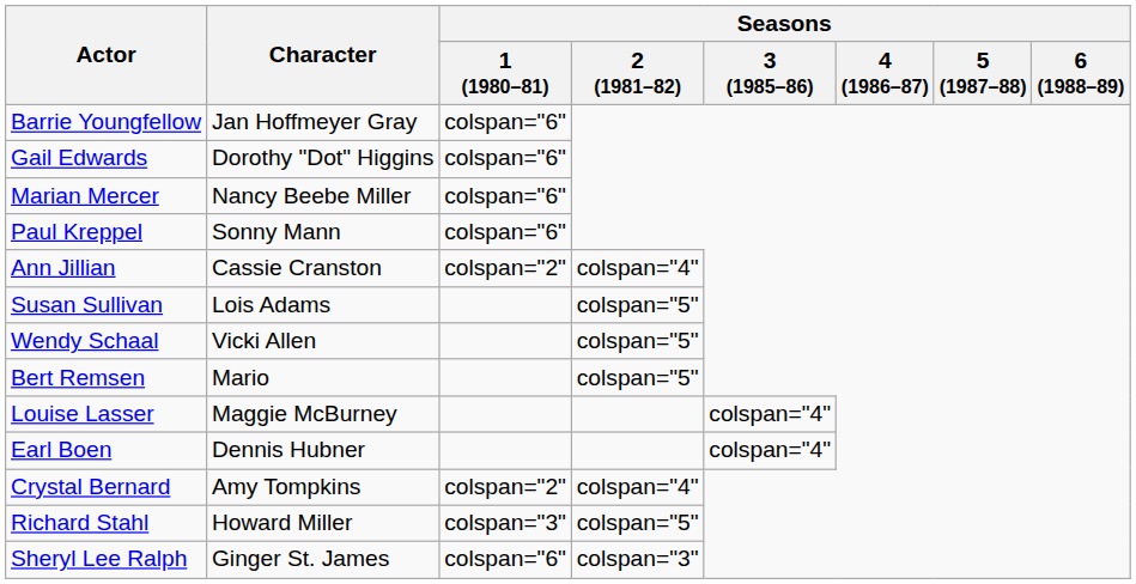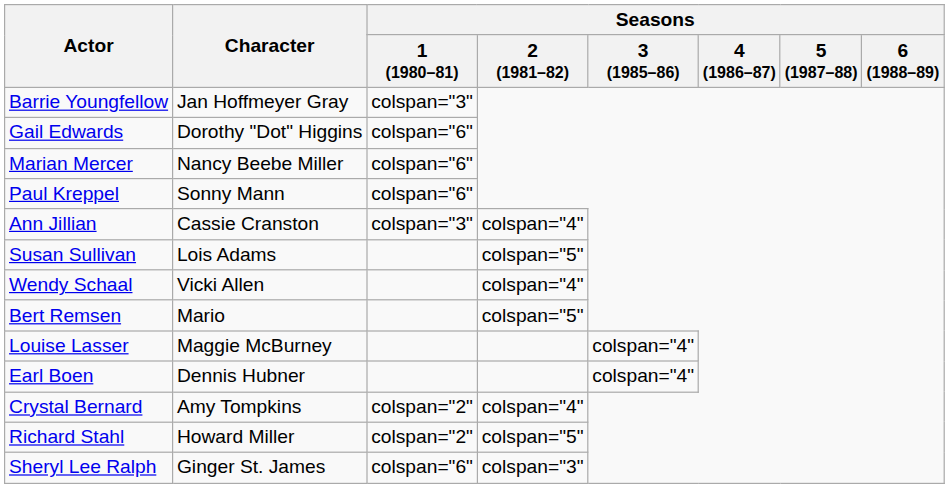 <table class="wikitable">
 <tr>
 <th rowspan="2">Actor</th>
 <th rowspan="2">Character</th>
 <th colspan="8">Seasons</th>
 </tr>
 <tr>
 <th>1<br><small>(1980–81)</small></th>
 <th>2<br><small>(1981–82)</small></th>
 <th>3<br><small>(1985–86)</small></th>
 <th>4<br><small>(1986–87)</small></th>
 <th>5<br><small>(1987–88)</small></th>
 <th>6<br><small>(1988–89)</small></th>
 </tr>
 <tr>
 <td><a href='#'>Barrie Youngfellow</a></td>
 <td>Jan Hoffmeyer Gray</td>
-<td>colspan="6" </td>
+<td>colspan="3" </td>
 </tr>
 <tr>
 <td><a href='#'>Gail Edwards</a></td>
 <td>Dorothy "Dot" Higgins</td>
 <td>colspan="6" </td>
 </tr>
 <tr>
 <td><a href='#'>Marian Mercer</a></td>
 <td>Nancy Beebe Miller</td>
 <td>colspan="6" </td>
 </tr>
 <tr>
 <td><a href='#'>Paul Kreppel</a></td>
 <td>Sonny Mann</td>
 <td>colspan="6" </td>
 </tr>
 <tr>
 <td><a href='#'>Ann Jillian</a></td>
 <td>Cassie Cranston</td>
-<td>colspan="2" </td>
+<td>colspan="3" </td>
 <td>colspan="4" </td>
 </tr>
 <tr>
 <td><a href='#'>Susan Sullivan</a></td>
 <td>Lois Adams</td>
 <td></td>
 <td>colspan="5" </td>
 </tr>
 <tr>
 <td><a href='#'>Wendy Schaal</a></td>
 <td>Vicki Allen</td>
 <td></td>
-<td>colspan="5" </td>
+<td>colspan="4" </td>
 </tr>
 <tr>
 <td><a href='#'>Bert Remsen</a></td>
 <td>Mario</td>
 <td></td>
 <td>colspan="5" </td>
 </tr>
 <tr>
 <td><a href='#'>Louise Lasser</a></td>
 <td>Maggie McBurney</td>
 <td></td>
 <td></td>
 <td>colspan="4" </td>
 </tr>
 <tr>
 <td><a href='#'>Earl Boen</a></td>
 <td>Dennis Hubner</td>
 <td></td>
 <td></td>
 <td>colspan="4" </td>
 </tr>
 <tr>
 <td><a href='#'>Crystal Bernard</a></td>
 <td>Amy Tompkins</td>
 <td>colspan="2" </td>
 <td>colspan="4" </td>
 </tr>
 <tr>
 <td><a href='#'>Richard Stahl</a></td>
 <td>Howard Miller</td>
-<td>colspan="3" </td>
+<td>colspan="2" </td>
 <td>colspan="5" </td>
 </tr>
 <tr>
 <td><a href='#'>Sheryl Lee Ralph</a></td>
 <td>Ginger St. James</td>
 <td>colspan="6" </td>
 <td>colspan="3" </td>
 </tr>
 </table>
